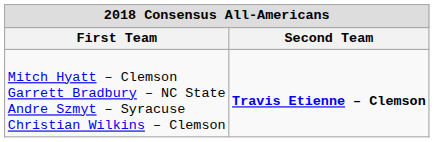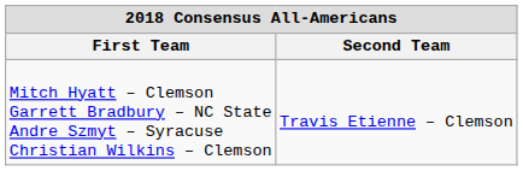 <table class="wikitable" style="white-space:nowrap; font-size:90%;">
 <tr>
 <td colspan="7" style="text-align:center; background:#ddd;"><strong>2018 Consensus All-Americans</strong></td>
 </tr>
 <tr>
 <th>First Team</th>
 <th>Second Team</th>
 </tr>
 <tr>
 <td><br><a href='#'>Mitch Hyatt</a> – Clemson<br> <a href='#'>Garrett Bradbury</a> – NC State<br> <a href='#'>Andre Szmyt</a> – Syracuse<br> <a href='#'>Christian Wilkins</a> – Clemson<br></td>
-<td><strong><br><a href='#'>Travis Etienne</a> – Clemson<br></strong></td>
+<td><br><a href='#'>Travis Etienne</a> – Clemson<br></td>
 </tr>
 </table>
